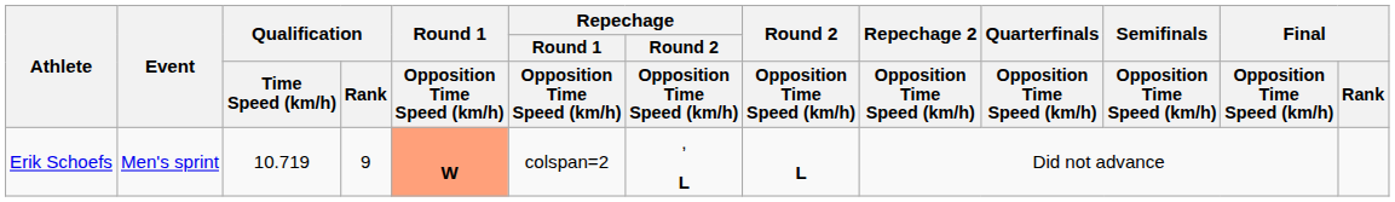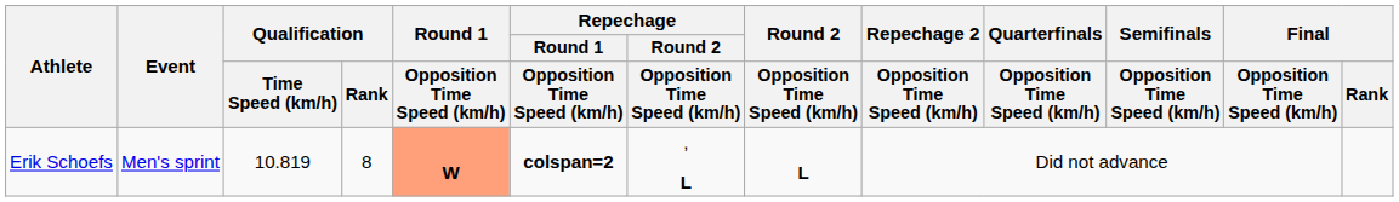 <table class="wikitable" style="font-size:90%">
 <tr>
 <th rowspan=3>Athlete</th>
 <th rowspan=3>Event</th>
 <th rowspan=2 colspan=2>Qualification</th>
 <th rowspan=2>Round 1</th>
 <th colspan=2>Repechage</th>
 <th rowspan=2>Round 2</th>
 <th rowspan=2>Repechage 2</th>
 <th rowspan=2>Quarterfinals</th>
 <th rowspan=2>Semifinals</th>
 <th rowspan=2 colspan=2>Final</th>
 </tr>
 <tr style="font-size:95%">
 <th>Round 1</th>
 <th>Round 2</th>
 </tr>
 <tr style="font-size:95%">
 <th>Time<br>Speed (km/h)</th>
 <th>Rank</th>
 <th>Opposition<br>Time<br>Speed (km/h)</th>
 <th>Opposition<br>Time<br>Speed (km/h)</th>
 <th>Opposition<br>Time<br>Speed (km/h)</th>
 <th>Opposition<br>Time<br>Speed (km/h)</th>
 <th>Opposition<br>Time<br>Speed (km/h)</th>
 <th>Opposition<br>Time<br>Speed (km/h)</th>
 <th>Opposition<br>Time<br>Speed (km/h)</th>
 <th>Opposition<br>Time<br>Speed (km/h)</th>
 <th>Rank</th>
 </tr>
 <tr align=center>
 <td align=left><a href='#'>Erik Schoefs</a></td>
 <td align=left><a href='#'>Men's sprint</a></td>
-<td>10.719</td>
-<td>9</td>
+<td>10.819</td>
+<td>8</td>
 <td style="background: lightsalmon;"><br><strong>W</strong></td>
-<td>colspan=2</td>
+<td><strong>colspan=2</strong></td>
 <td>,<br><br><strong>L</strong></td>
 <td><br><strong>L</strong></td>
 <td colspan=4>Did not advance</td>
 </tr>
 </table>
